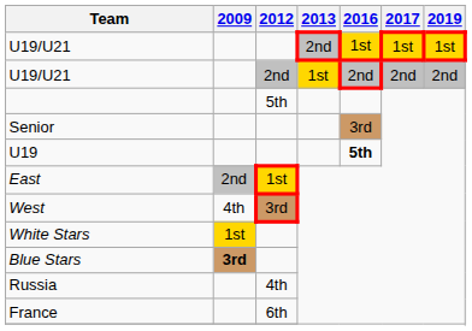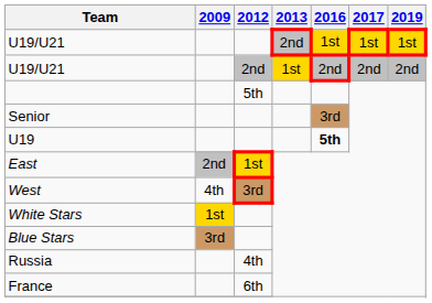 <table class="wikitable sortable" style="text-align:center; font-size:80%">
 <tr>
 <th width=165>Team</th>
 <th><a href='#'>2009</a></th>
 <th><a href='#'>2012</a></th>
 <th><a href='#'>2013</a></th>
 <th><a href='#'>2016</a></th>
 <th><a href='#'>2017</a></th>
 <th><a href='#'>2019</a></th>
 </tr>
 <tr>
 <td align=left> U19/U21</td>
 <td></td>
 <td></td>
 <td bgcolor=silver style="border:3px solid red">2nd</td>
 <td bgcolor=gold>1st</td>
 <td bgcolor=gold style="border:3px solid red">1st</td>
 <td bgcolor=gold style="border:3px solid red">1st</td>
 </tr>
 <tr>
 <td align=left> U19/U21</td>
 <td></td>
 <td bgcolor=silver>2nd</td>
 <td bgcolor=gold>1st</td>
 <td bgcolor=silver style="border:3px solid red">2nd</td>
 <td bgcolor=silver>2nd</td>
 <td bgcolor=silver>2nd</td>
 </tr>
 <tr>
 <td align=left></td>
 <td></td>
 <td>5th</td>
 <td></td>
 <td></td>
 </tr>
 <tr>
 <td align=left> Senior</td>
 <td></td>
 <td></td>
 <td></td>
 <td bgcolor=#cc9966>3rd</td>
 </tr>
 <tr>
 <td align=left> U19</td>
 <td></td>
 <td></td>
 <td></td>
 <td><strong>5th</strong></td>
 </tr>
 <tr>
 <td align=left><em> East</em></td>
 <td bgcolor=silver>2nd</td>
 <td bgcolor=gold style="border:3px solid red">1st</td>
 </tr>
 <tr>
 <td align=left><em> West</em></td>
 <td>4th</td>
 <td bgcolor=#cc9966 style="border:3px solid red">3rd</td>
 </tr>
 <tr>
 <td align=left><em> White Stars</em></td>
 <td bgcolor=gold>1st</td>
 <td></td>
 </tr>
 <tr>
 <td align=left><em> Blue Stars</em></td>
-<td bgcolor=#cc9966><strong>3rd</strong></td>
+<td bgcolor=#cc9966>3rd</td>
 <td></td>
 </tr>
 <tr>
 <td align=left> Russia</td>
 <td></td>
 <td>4th</td>
 </tr>
 <tr>
 <td align=left> France</td>
 <td></td>
 <td>6th</td>
 </tr>
 <tr>
 </tr>
 </table>
